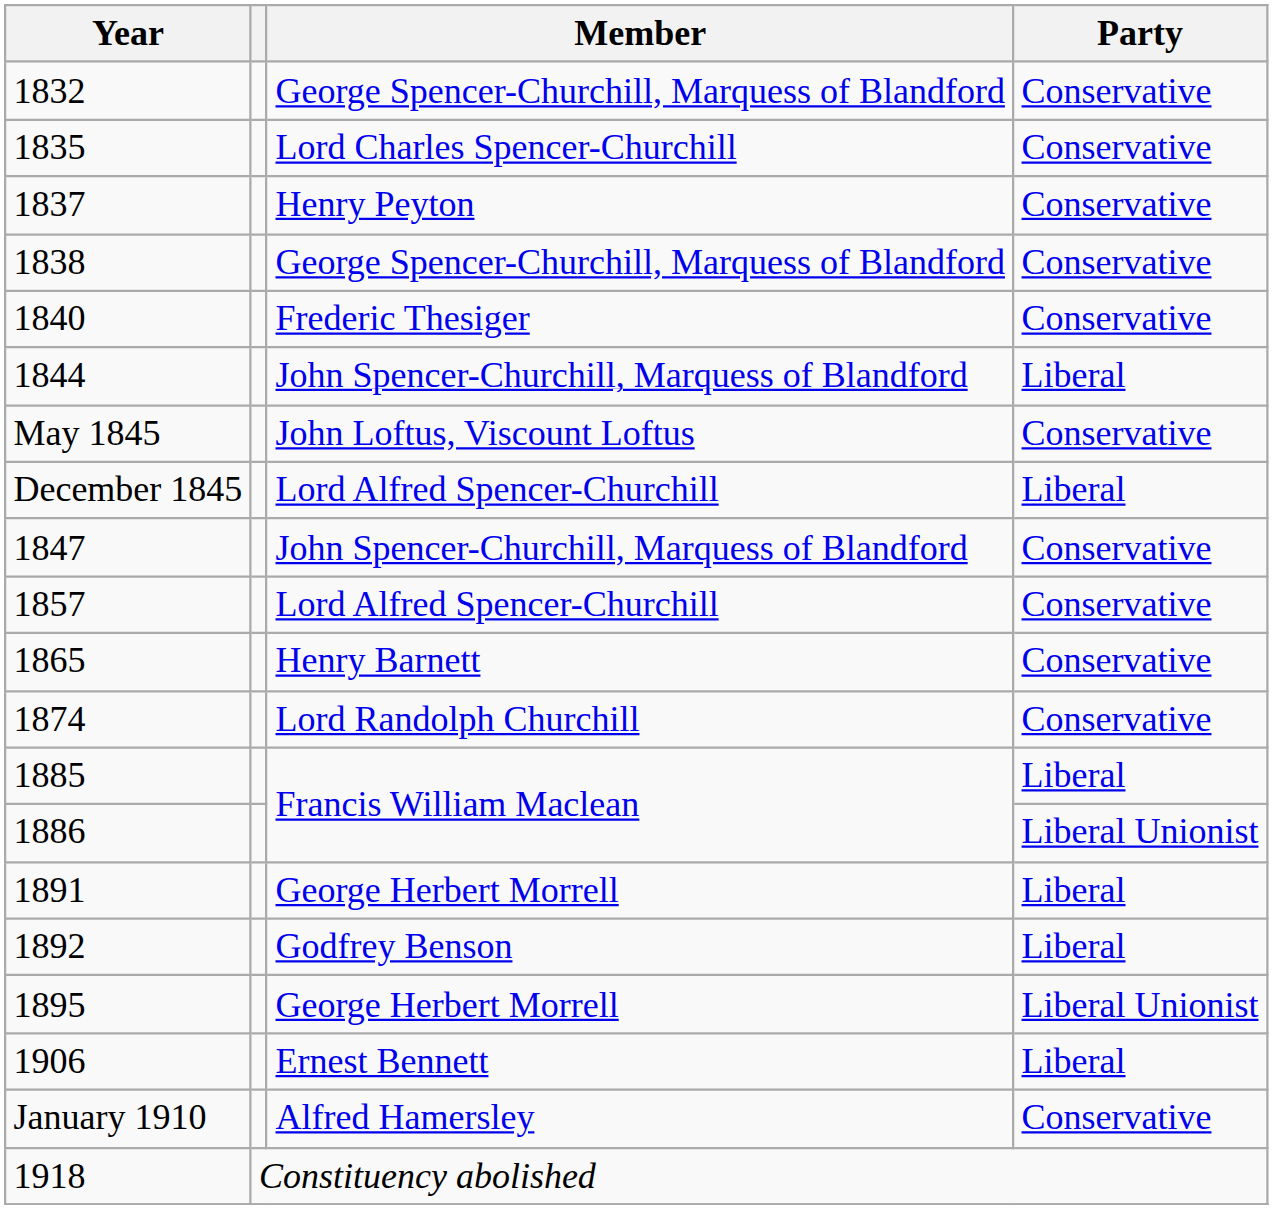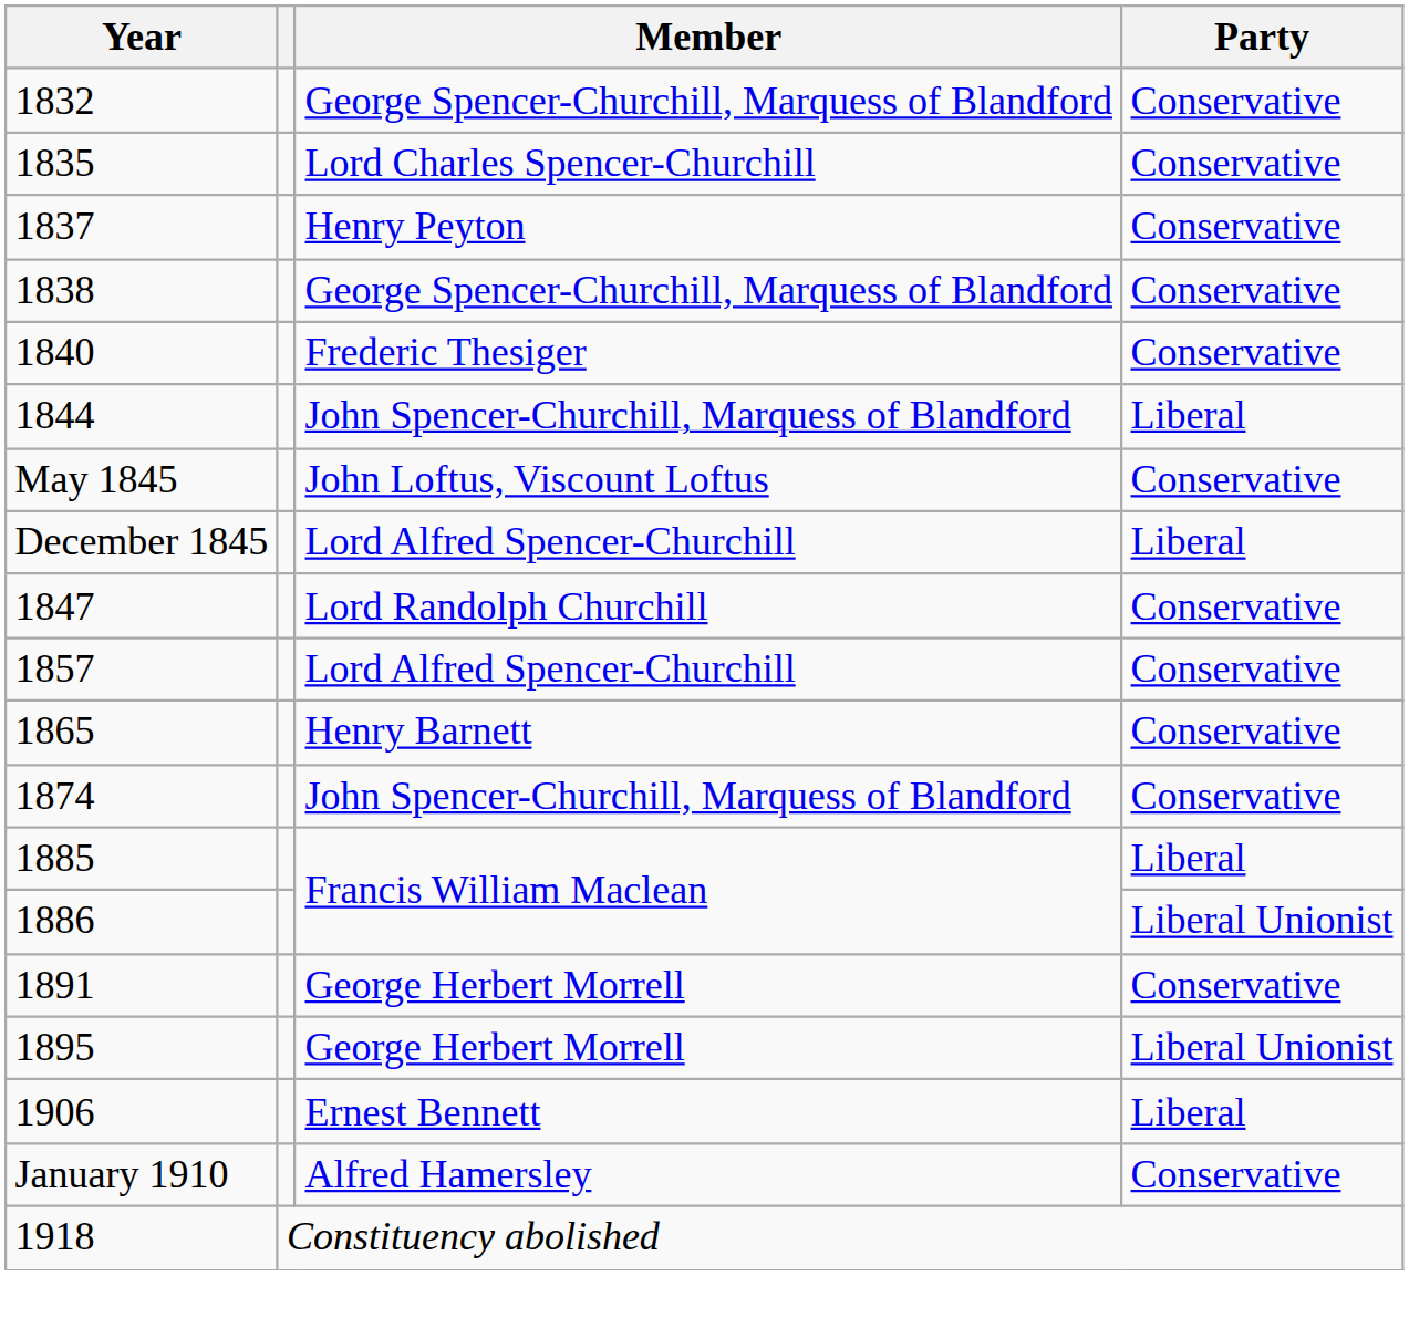 <table class="wikitable">
 <tr>
 <th>Year</th>
 <th></th>
 <th>Member</th>
 <th>Party</th>
 </tr>
 <tr>
 <td>1832</td>
 <td style="color:inherit;background-color: "></td>
 <td><a href='#'>George Spencer-Churchill, Marquess of Blandford</a></td>
 <td><a href='#'>Conservative</a></td>
 </tr>
 <tr>
 <td>1835</td>
 <td style="color:inherit;background-color: "></td>
 <td><a href='#'>Lord Charles Spencer-Churchill</a></td>
 <td><a href='#'>Conservative</a></td>
 </tr>
 <tr>
 <td>1837</td>
 <td style="color:inherit;background-color: "></td>
 <td><a href='#'>Henry Peyton</a></td>
 <td><a href='#'>Conservative</a></td>
 </tr>
 <tr>
 <td>1838</td>
 <td style="color:inherit;background-color: "></td>
 <td><a href='#'>George Spencer-Churchill, Marquess of Blandford</a></td>
 <td><a href='#'>Conservative</a></td>
 </tr>
 <tr>
 <td>1840</td>
 <td style="color:inherit;background-color: "></td>
 <td><a href='#'>Frederic Thesiger</a></td>
 <td><a href='#'>Conservative</a></td>
 </tr>
 <tr>
 <td>1844</td>
 <td style="color:inherit;background-color: "></td>
 <td><a href='#'>John Spencer-Churchill, Marquess of Blandford</a></td>
 <td><a href='#'>Liberal</a></td>
 </tr>
 <tr>
 <td>May 1845</td>
 <td style="color:inherit;background-color: "></td>
 <td><a href='#'>John Loftus, Viscount Loftus</a></td>
 <td><a href='#'>Conservative</a></td>
 </tr>
 <tr>
 <td>December 1845</td>
 <td style="color:inherit;background-color: "></td>
 <td><a href='#'>Lord Alfred Spencer-Churchill</a></td>
 <td><a href='#'>Liberal</a></td>
 </tr>
 <tr>
 <td>1847</td>
 <td style="color:inherit;background-color: "></td>
-<td><a href='#'>John Spencer-Churchill, Marquess of Blandford</a></td>
+<td><a href='#'>Lord Randolph Churchill</a></td>
 <td><a href='#'>Conservative</a></td>
 </tr>
 <tr>
 <td>1857</td>
 <td style="color:inherit;background-color: "></td>
 <td><a href='#'>Lord Alfred Spencer-Churchill</a></td>
 <td><a href='#'>Conservative</a></td>
 </tr>
 <tr>
 <td>1865</td>
 <td style="color:inherit;background-color: "></td>
 <td><a href='#'>Henry Barnett</a></td>
 <td><a href='#'>Conservative</a></td>
 </tr>
 <tr>
 <td>1874</td>
 <td style="color:inherit;background-color: "></td>
-<td><a href='#'>Lord Randolph Churchill</a></td>
+<td><a href='#'>John Spencer-Churchill, Marquess of Blandford</a></td>
 <td><a href='#'>Conservative</a></td>
 </tr>
 <tr>
 <td>1885</td>
 <td style="color:inherit;background-color: "></td>
 <td rowspan="2"><a href='#'>Francis William Maclean</a></td>
 <td><a href='#'>Liberal</a></td>
 </tr>
 <tr>
 <td>1886</td>
 <td style="color:inherit;background-color: "></td>
 <td><a href='#'>Liberal Unionist</a></td>
 </tr>
 <tr>
 <td>1891</td>
 <td style="color:inherit;background-color: "></td>
 <td><a href='#'>George Herbert Morrell</a></td>
-<td><a href='#'>Liberal</a></td>
-</tr>
-<tr>
-<td>1892</td>
-<td style="color:inherit;background-color: "></td>
-<td><a href='#'>Godfrey Benson</a></td>
-<td><a href='#'>Liberal</a></td>
+<td><a href='#'>Conservative</a></td>
 </tr>
 <tr>
 <td>1895</td>
 <td style="color:inherit;background-color: "></td>
 <td><a href='#'>George Herbert Morrell</a></td>
 <td><a href='#'>Liberal Unionist</a></td>
 </tr>
 <tr>
 <td>1906</td>
 <td style="color:inherit;background-color: "></td>
 <td><a href='#'>Ernest Bennett</a></td>
 <td><a href='#'>Liberal</a></td>
 </tr>
 <tr>
 <td>January 1910</td>
 <td style="color:inherit;background-color: "></td>
 <td><a href='#'>Alfred Hamersley</a></td>
 <td><a href='#'>Conservative</a></td>
 </tr>
 <tr>
 <td>1918</td>
 <td colspan=3><em>Constituency abolished</em></td>
 </tr>
 <tr>
 </tr>
 </table>
